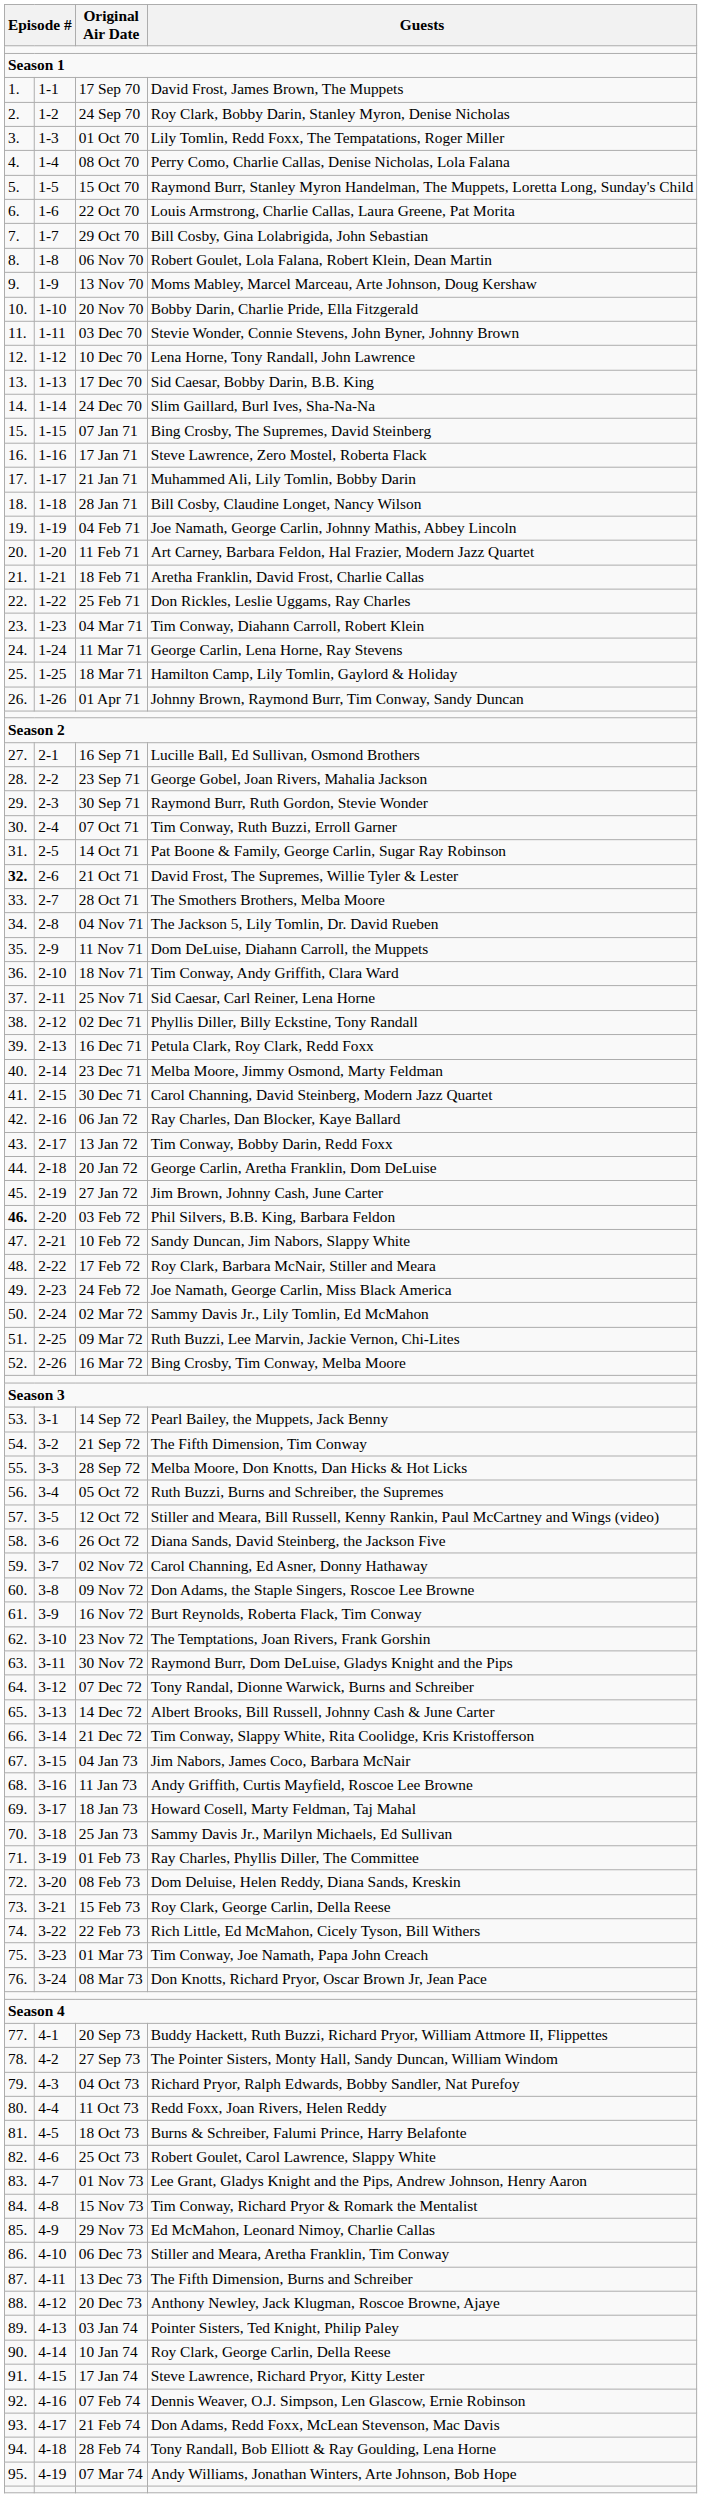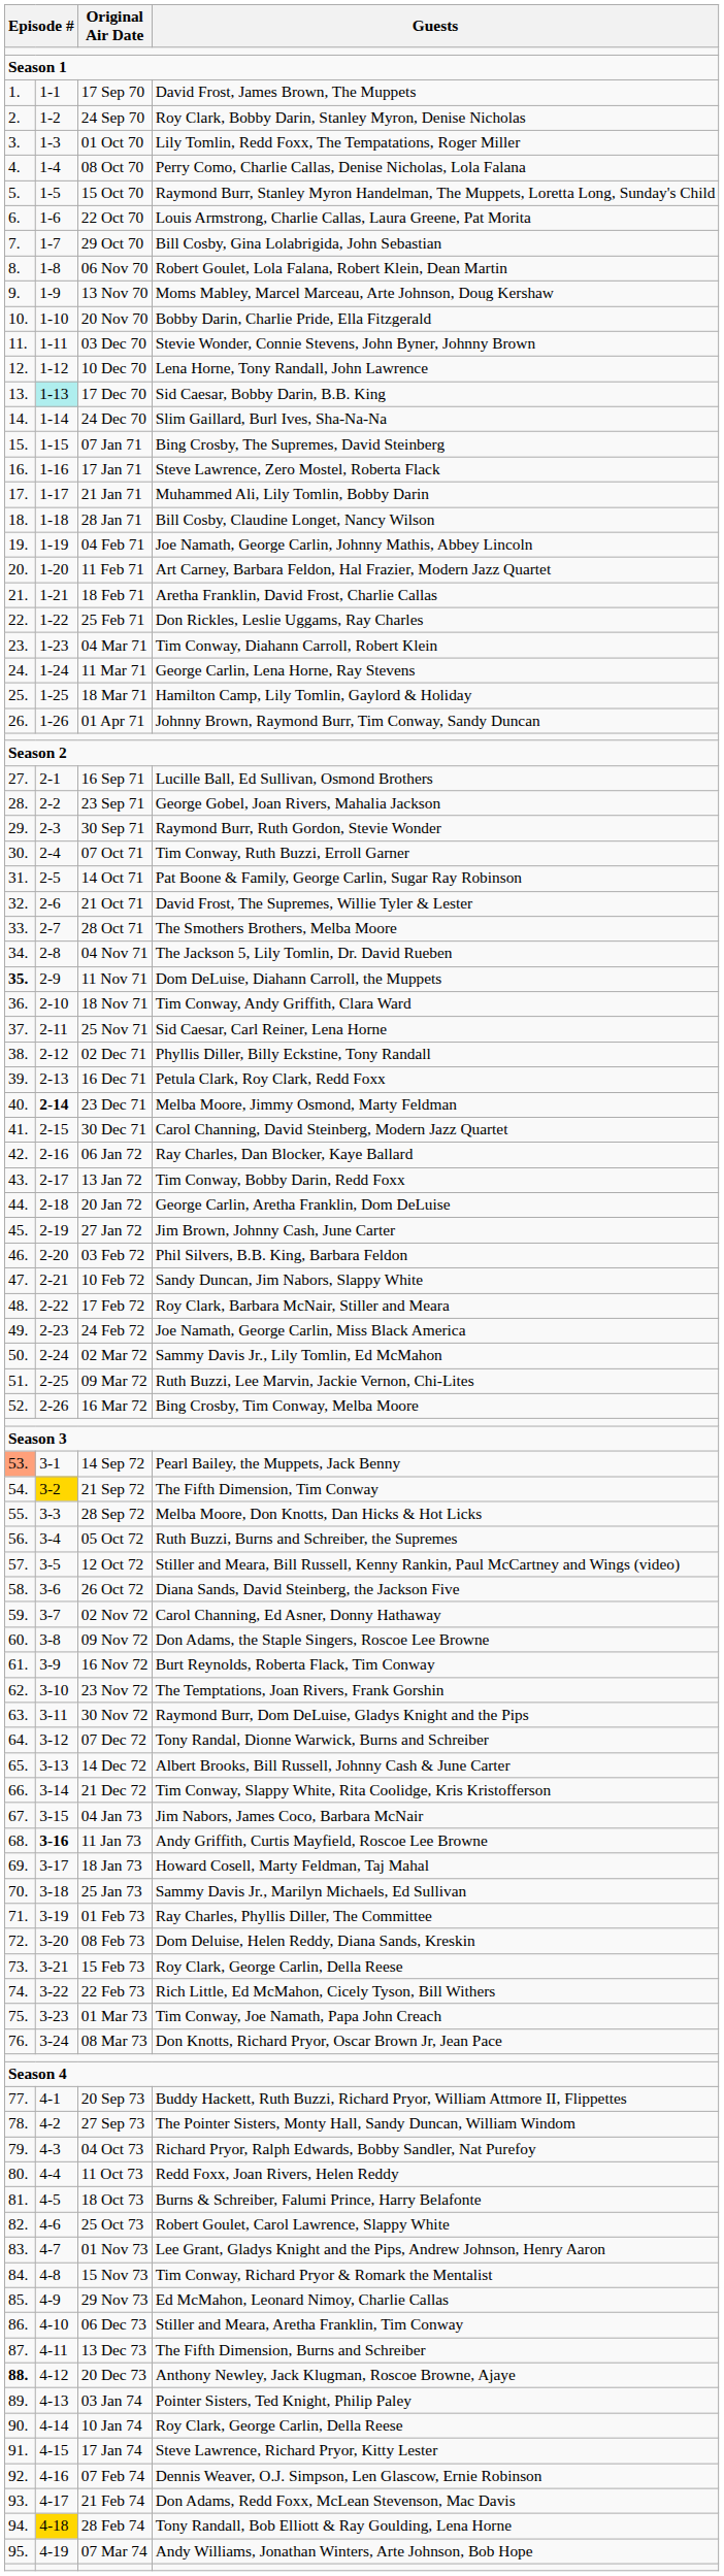 <table class="wikitable">
 <tr>
 <th colspan="2">Episode #</th>
 <th>Original<br>Air Date</th>
 <th>Guests</th>
 </tr>
 <tr>
 <td colspan="4"></td>
 </tr>
 <tr>
 <td colspan="4"><strong>Season 1</strong></td>
 </tr>
 <tr>
 <td>1.</td>
 <td>1-1</td>
 <td>17 Sep 70</td>
 <td>David Frost, James Brown, The Muppets</td>
 </tr>
 <tr>
 <td>2.</td>
 <td>1-2</td>
 <td>24 Sep 70</td>
 <td>Roy Clark, Bobby Darin, Stanley Myron, Denise Nicholas</td>
 </tr>
 <tr>
 <td>3.</td>
 <td>1-3</td>
 <td>01 Oct 70</td>
 <td>Lily Tomlin, Redd Foxx, The Tempatations, Roger Miller</td>
 </tr>
 <tr>
 <td>4.</td>
 <td>1-4</td>
 <td>08 Oct 70</td>
 <td>Perry Como, Charlie Callas, Denise Nicholas, Lola Falana</td>
 </tr>
 <tr>
 <td>5.</td>
 <td>1-5</td>
 <td>15 Oct 70</td>
 <td>Raymond Burr, Stanley Myron Handelman, The Muppets, Loretta Long, Sunday's Child</td>
 </tr>
 <tr>
 <td>6.</td>
 <td>1-6</td>
 <td>22 Oct 70</td>
 <td>Louis Armstrong, Charlie Callas, Laura Greene, Pat Morita</td>
 </tr>
 <tr>
 <td>7.</td>
 <td>1-7</td>
 <td>29 Oct 70</td>
 <td>Bill Cosby, Gina Lolabrigida, John Sebastian</td>
 </tr>
 <tr>
 <td>8.</td>
 <td>1-8</td>
 <td>06 Nov 70</td>
 <td>Robert Goulet, Lola Falana, Robert Klein, Dean Martin</td>
 </tr>
 <tr>
 <td>9.</td>
 <td>1-9</td>
 <td>13 Nov 70</td>
 <td>Moms Mabley, Marcel Marceau, Arte Johnson, Doug Kershaw</td>
 </tr>
 <tr>
 <td>10.</td>
 <td>1-10</td>
 <td>20 Nov 70</td>
 <td>Bobby Darin, Charlie Pride, Ella Fitzgerald</td>
 </tr>
 <tr>
 <td>11.</td>
 <td>1-11</td>
 <td>03 Dec 70</td>
 <td>Stevie Wonder, Connie Stevens, John Byner, Johnny Brown</td>
 </tr>
 <tr>
 <td>12.</td>
 <td>1-12</td>
 <td>10 Dec 70</td>
 <td>Lena Horne, Tony Randall, John Lawrence</td>
 </tr>
 <tr>
 <td>13.</td>
-<td>1-13</td>
+<td style="background: paleturquoise;">1-13</td>
 <td>17 Dec 70</td>
 <td>Sid Caesar, Bobby Darin, B.B. King</td>
 </tr>
 <tr>
 <td>14.</td>
 <td>1-14</td>
 <td>24 Dec 70</td>
 <td>Slim Gaillard, Burl Ives, Sha-Na-Na</td>
 </tr>
 <tr>
 <td>15.</td>
 <td>1-15</td>
 <td>07 Jan 71</td>
 <td>Bing Crosby, The Supremes, David Steinberg</td>
 </tr>
 <tr>
 <td>16.</td>
 <td>1-16</td>
 <td>17 Jan 71</td>
 <td>Steve Lawrence, Zero Mostel, Roberta Flack</td>
 </tr>
 <tr>
 <td>17.</td>
 <td>1-17</td>
 <td>21 Jan 71</td>
 <td>Muhammed Ali, Lily Tomlin, Bobby Darin</td>
 </tr>
 <tr>
 <td>18.</td>
 <td>1-18</td>
 <td>28 Jan 71</td>
 <td>Bill Cosby, Claudine Longet, Nancy Wilson</td>
 </tr>
 <tr>
 <td>19.</td>
 <td>1-19</td>
 <td>04 Feb 71</td>
 <td>Joe Namath, George Carlin, Johnny Mathis, Abbey Lincoln</td>
 </tr>
 <tr>
 <td>20.</td>
 <td>1-20</td>
 <td>11 Feb 71</td>
 <td>Art Carney, Barbara Feldon, Hal Frazier, Modern Jazz Quartet</td>
 </tr>
 <tr>
 <td>21.</td>
 <td>1-21</td>
 <td>18 Feb 71</td>
 <td>Aretha Franklin, David Frost, Charlie Callas</td>
 </tr>
 <tr>
 <td>22.</td>
 <td>1-22</td>
 <td>25 Feb 71</td>
 <td>Don Rickles, Leslie Uggams, Ray Charles</td>
 </tr>
 <tr>
 <td>23.</td>
 <td>1-23</td>
 <td>04 Mar 71</td>
 <td>Tim Conway, Diahann Carroll, Robert Klein</td>
 </tr>
 <tr>
 <td>24.</td>
 <td>1-24</td>
 <td>11 Mar 71</td>
 <td>George Carlin, Lena Horne, Ray Stevens</td>
 </tr>
 <tr>
 <td>25.</td>
 <td>1-25</td>
 <td>18 Mar 71</td>
 <td>Hamilton Camp, Lily Tomlin, Gaylord & Holiday</td>
 </tr>
 <tr>
 <td>26.</td>
 <td>1-26</td>
 <td>01 Apr 71</td>
 <td>Johnny Brown, Raymond Burr, Tim Conway, Sandy Duncan</td>
 </tr>
 <tr>
 <td colspan="4"></td>
 </tr>
 <tr>
 <td colspan="4"><strong>Season 2</strong></td>
 </tr>
 <tr>
 <td>27.</td>
 <td>2-1</td>
 <td>16 Sep 71</td>
 <td>Lucille Ball, Ed Sullivan, Osmond Brothers</td>
 </tr>
 <tr>
 <td>28.</td>
 <td>2-2</td>
 <td>23 Sep 71</td>
 <td>George Gobel, Joan Rivers, Mahalia Jackson</td>
 </tr>
 <tr>
 <td>29.</td>
 <td>2-3</td>
 <td>30 Sep 71</td>
 <td>Raymond Burr, Ruth Gordon, Stevie Wonder</td>
 </tr>
 <tr>
 <td>30.</td>
 <td>2-4</td>
 <td>07 Oct 71</td>
 <td>Tim Conway, Ruth Buzzi, Erroll Garner</td>
 </tr>
 <tr>
 <td>31.</td>
 <td>2-5</td>
 <td>14 Oct 71</td>
 <td>Pat Boone & Family, George Carlin, Sugar Ray Robinson</td>
 </tr>
 <tr>
-<td><strong>32.</strong></td>
+<td>32.</td>
 <td>2-6</td>
 <td>21 Oct 71</td>
 <td>David Frost, The Supremes, Willie Tyler & Lester</td>
 </tr>
 <tr>
 <td>33.</td>
 <td>2-7</td>
 <td>28 Oct 71</td>
 <td>The Smothers Brothers, Melba Moore</td>
 </tr>
 <tr>
 <td>34.</td>
 <td>2-8</td>
 <td>04 Nov 71</td>
 <td>The Jackson 5, Lily Tomlin, Dr. David Rueben</td>
 </tr>
 <tr>
-<td>35.</td>
+<td><strong>35.</strong></td>
 <td>2-9</td>
 <td>11 Nov 71</td>
 <td>Dom DeLuise, Diahann Carroll, the Muppets</td>
 </tr>
 <tr>
 <td>36.</td>
 <td>2-10</td>
 <td>18 Nov 71</td>
 <td>Tim Conway, Andy Griffith, Clara Ward</td>
 </tr>
 <tr>
 <td>37.</td>
 <td>2-11</td>
 <td>25 Nov 71</td>
 <td>Sid Caesar, Carl Reiner, Lena Horne</td>
 </tr>
 <tr>
 <td>38.</td>
 <td>2-12</td>
 <td>02 Dec 71</td>
 <td>Phyllis Diller, Billy Eckstine, Tony Randall</td>
 </tr>
 <tr>
 <td>39.</td>
 <td>2-13</td>
 <td>16 Dec 71</td>
 <td>Petula Clark, Roy Clark, Redd Foxx</td>
 </tr>
 <tr>
 <td>40.</td>
-<td>2-14</td>
+<td><strong>2-14</strong></td>
 <td>23 Dec 71</td>
 <td>Melba Moore, Jimmy Osmond, Marty Feldman</td>
 </tr>
 <tr>
 <td>41.</td>
 <td>2-15</td>
 <td>30 Dec 71</td>
 <td>Carol Channing, David Steinberg, Modern Jazz Quartet</td>
 </tr>
 <tr>
 <td>42.</td>
 <td>2-16</td>
 <td>06 Jan 72</td>
 <td>Ray Charles, Dan Blocker, Kaye Ballard</td>
 </tr>
 <tr>
 <td>43.</td>
 <td>2-17</td>
 <td>13 Jan 72</td>
 <td>Tim Conway, Bobby Darin, Redd Foxx</td>
 </tr>
 <tr>
 <td>44.</td>
 <td>2-18</td>
 <td>20 Jan 72</td>
 <td>George Carlin, Aretha Franklin, Dom DeLuise</td>
 </tr>
 <tr>
 <td>45.</td>
 <td>2-19</td>
 <td>27 Jan 72</td>
 <td>Jim Brown, Johnny Cash, June Carter</td>
 </tr>
 <tr>
-<td><strong>46.</strong></td>
+<td>46.</td>
 <td>2-20</td>
 <td>03 Feb 72</td>
 <td>Phil Silvers, B.B. King, Barbara Feldon</td>
 </tr>
 <tr>
 <td>47.</td>
 <td>2-21</td>
 <td>10 Feb 72</td>
 <td>Sandy Duncan, Jim Nabors, Slappy White</td>
 </tr>
 <tr>
 <td>48.</td>
 <td>2-22</td>
 <td>17 Feb 72</td>
 <td>Roy Clark, Barbara McNair, Stiller and Meara</td>
 </tr>
 <tr>
 <td>49.</td>
 <td>2-23</td>
 <td>24 Feb 72</td>
 <td>Joe Namath, George Carlin, Miss Black America</td>
 </tr>
 <tr>
 <td>50.</td>
 <td>2-24</td>
 <td>02 Mar 72</td>
 <td>Sammy Davis Jr., Lily Tomlin, Ed McMahon</td>
 </tr>
 <tr>
 <td>51.</td>
 <td>2-25</td>
 <td>09 Mar 72</td>
 <td>Ruth Buzzi, Lee Marvin, Jackie Vernon, Chi-Lites</td>
 </tr>
 <tr>
 <td>52.</td>
 <td>2-26</td>
 <td>16 Mar 72</td>
 <td>Bing Crosby, Tim Conway, Melba Moore</td>
 </tr>
 <tr>
 <td colspan="4"></td>
 </tr>
 <tr>
 <td colspan="4"><strong>Season 3</strong></td>
 </tr>
 <tr>
-<td>53.</td>
+<td style="background: lightsalmon;">53.</td>
 <td>3-1</td>
 <td>14 Sep 72</td>
 <td>Pearl Bailey, the Muppets, Jack Benny</td>
 </tr>
 <tr>
 <td>54.</td>
-<td>3-2</td>
+<td style="background: gold;">3-2</td>
 <td>21 Sep 72</td>
 <td>The Fifth Dimension, Tim Conway</td>
 </tr>
 <tr>
 <td>55.</td>
 <td>3-3</td>
 <td>28 Sep 72</td>
 <td>Melba Moore, Don Knotts, Dan Hicks & Hot Licks</td>
 </tr>
 <tr>
 <td>56.</td>
 <td>3-4</td>
 <td>05 Oct 72</td>
 <td>Ruth Buzzi, Burns and Schreiber, the Supremes</td>
 </tr>
 <tr>
 <td>57.</td>
 <td>3-5</td>
 <td>12 Oct 72</td>
 <td>Stiller and Meara, Bill Russell, Kenny Rankin, Paul McCartney and Wings (video)</td>
 </tr>
 <tr>
 <td>58.</td>
 <td>3-6</td>
 <td>26 Oct 72</td>
 <td>Diana Sands, David Steinberg, the Jackson Five</td>
 </tr>
 <tr>
 <td>59.</td>
 <td>3-7</td>
 <td>02 Nov 72</td>
 <td>Carol Channing, Ed Asner, Donny Hathaway</td>
 </tr>
 <tr>
 <td>60.</td>
 <td>3-8</td>
 <td>09 Nov 72</td>
 <td>Don Adams, the Staple Singers, Roscoe Lee Browne</td>
 </tr>
 <tr>
 <td>61.</td>
 <td>3-9</td>
 <td>16 Nov 72</td>
 <td>Burt Reynolds, Roberta Flack, Tim Conway</td>
 </tr>
 <tr>
 <td>62.</td>
 <td>3-10</td>
 <td>23 Nov 72</td>
 <td>The Temptations, Joan Rivers, Frank Gorshin</td>
 </tr>
 <tr>
 <td>63.</td>
 <td>3-11</td>
 <td>30 Nov 72</td>
 <td>Raymond Burr, Dom DeLuise, Gladys Knight and the Pips</td>
 </tr>
 <tr>
 <td>64.</td>
 <td>3-12</td>
 <td>07 Dec 72</td>
 <td>Tony Randal, Dionne Warwick, Burns and Schreiber</td>
 </tr>
 <tr>
 <td>65.</td>
 <td>3-13</td>
 <td>14 Dec 72</td>
 <td>Albert Brooks, Bill Russell, Johnny Cash & June Carter</td>
 </tr>
 <tr>
 <td>66.</td>
 <td>3-14</td>
 <td>21 Dec 72</td>
 <td>Tim Conway, Slappy White, Rita Coolidge, Kris Kristofferson</td>
 </tr>
 <tr>
 <td>67.</td>
 <td>3-15</td>
 <td>04 Jan 73</td>
 <td>Jim Nabors, James Coco, Barbara McNair</td>
 </tr>
 <tr>
 <td>68.</td>
-<td>3-16</td>
+<td><strong>3-16</strong></td>
 <td>11 Jan 73</td>
 <td>Andy Griffith, Curtis Mayfield, Roscoe Lee Browne</td>
 </tr>
 <tr>
 <td>69.</td>
 <td>3-17</td>
 <td>18 Jan 73</td>
 <td>Howard Cosell, Marty Feldman, Taj Mahal</td>
 </tr>
 <tr>
 <td>70.</td>
 <td>3-18</td>
 <td>25 Jan 73</td>
 <td>Sammy Davis Jr., Marilyn Michaels, Ed Sullivan</td>
 </tr>
 <tr>
 <td>71.</td>
 <td>3-19</td>
 <td>01 Feb 73</td>
 <td>Ray Charles, Phyllis Diller, The Committee</td>
 </tr>
 <tr>
 <td>72.</td>
 <td>3-20</td>
 <td>08 Feb 73</td>
 <td>Dom Deluise, Helen Reddy, Diana Sands, Kreskin</td>
 </tr>
 <tr>
 <td>73.</td>
 <td>3-21</td>
 <td>15 Feb 73</td>
 <td>Roy Clark, George Carlin, Della Reese</td>
 </tr>
 <tr>
 <td>74.</td>
 <td>3-22</td>
 <td>22 Feb 73</td>
 <td>Rich Little, Ed McMahon, Cicely Tyson, Bill Withers</td>
 </tr>
 <tr>
 <td>75.</td>
 <td>3-23</td>
 <td>01 Mar 73</td>
 <td>Tim Conway, Joe Namath, Papa John Creach</td>
 </tr>
 <tr>
 <td>76.</td>
 <td>3-24</td>
 <td>08 Mar 73</td>
 <td>Don Knotts, Richard Pryor, Oscar Brown Jr, Jean Pace</td>
 </tr>
 <tr>
 <td colspan="4"></td>
 </tr>
 <tr>
 <td colspan="4"><strong>Season 4</strong></td>
 </tr>
 <tr>
 <td>77.</td>
 <td>4-1</td>
 <td>20 Sep 73</td>
 <td>Buddy Hackett, Ruth Buzzi, Richard Pryor, William Attmore II, Flippettes</td>
 </tr>
 <tr>
 <td>78.</td>
 <td>4-2</td>
 <td>27 Sep 73</td>
 <td>The Pointer Sisters, Monty Hall, Sandy Duncan, William Windom</td>
 </tr>
 <tr>
 <td>79.</td>
 <td>4-3</td>
 <td>04 Oct 73</td>
 <td>Richard Pryor, Ralph Edwards, Bobby Sandler, Nat Purefoy</td>
 </tr>
 <tr>
 <td>80.</td>
 <td>4-4</td>
 <td>11 Oct 73</td>
 <td>Redd Foxx, Joan Rivers, Helen Reddy</td>
 </tr>
 <tr>
 <td>81.</td>
 <td>4-5</td>
 <td>18 Oct 73</td>
 <td>Burns & Schreiber, Falumi Prince, Harry Belafonte</td>
 </tr>
 <tr>
 <td>82.</td>
 <td>4-6</td>
 <td>25 Oct 73</td>
 <td>Robert Goulet, Carol Lawrence, Slappy White</td>
 </tr>
 <tr>
 <td>83.</td>
 <td>4-7</td>
 <td>01 Nov 73</td>
 <td>Lee Grant, Gladys Knight and the Pips, Andrew Johnson, Henry Aaron</td>
 </tr>
 <tr>
 <td>84.</td>
 <td>4-8</td>
 <td>15 Nov 73</td>
 <td>Tim Conway, Richard Pryor & Romark the Mentalist</td>
 </tr>
 <tr>
 <td>85.</td>
 <td>4-9</td>
 <td>29 Nov 73</td>
 <td>Ed McMahon, Leonard Nimoy, Charlie Callas</td>
 </tr>
 <tr>
 <td>86.</td>
 <td>4-10</td>
 <td>06 Dec 73</td>
 <td>Stiller and Meara, Aretha Franklin, Tim Conway</td>
 </tr>
 <tr>
 <td>87.</td>
 <td>4-11</td>
 <td>13 Dec 73</td>
 <td>The Fifth Dimension, Burns and Schreiber</td>
 </tr>
 <tr>
-<td>88.</td>
+<td><strong>88.</strong></td>
 <td>4-12</td>
 <td>20 Dec 73</td>
 <td>Anthony Newley, Jack Klugman, Roscoe Browne, Ajaye</td>
 </tr>
 <tr>
 <td>89.</td>
 <td>4-13</td>
 <td>03 Jan 74</td>
 <td>Pointer Sisters, Ted Knight, Philip Paley</td>
 </tr>
 <tr>
 <td>90.</td>
 <td>4-14</td>
 <td>10 Jan 74</td>
 <td>Roy Clark, George Carlin, Della Reese</td>
 </tr>
 <tr>
 <td>91.</td>
 <td>4-15</td>
 <td>17 Jan 74</td>
 <td>Steve Lawrence, Richard Pryor, Kitty Lester</td>
 </tr>
 <tr>
 <td>92.</td>
 <td>4-16</td>
 <td>07 Feb 74</td>
 <td>Dennis Weaver, O.J. Simpson, Len Glascow, Ernie Robinson</td>
 </tr>
 <tr>
 <td>93.</td>
 <td>4-17</td>
 <td>21 Feb 74</td>
 <td>Don Adams, Redd Foxx, McLean Stevenson, Mac Davis</td>
 </tr>
 <tr>
 <td>94.</td>
-<td>4-18</td>
+<td style="background: gold;">4-18</td>
 <td>28 Feb 74</td>
 <td>Tony Randall, Bob Elliott & Ray Goulding, Lena Horne</td>
 </tr>
 <tr>
 <td>95.</td>
 <td>4-19</td>
 <td>07 Mar 74</td>
 <td>Andy Williams, Jonathan Winters, Arte Johnson, Bob Hope</td>
 </tr>
 <tr>
 <td></td>
 <td></td>
 <td></td>
 <td></td>
 </tr>
 </table>
